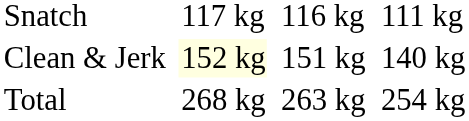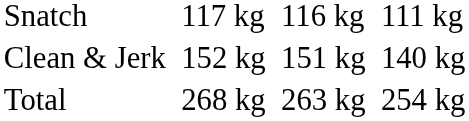 <table>
 <tr>
 <td>Snatch</td>
 <td></td>
 <td>117 kg</td>
 <td></td>
 <td>116 kg</td>
 <td></td>
 <td>111 kg</td>
 </tr>
 <tr>
 <td>Clean & Jerk</td>
 <td></td>
-<td style="background: lightyellow;">152 kg</td>
+<td>152 kg</td>
 <td></td>
 <td>151 kg</td>
 <td></td>
 <td>140 kg</td>
 </tr>
 <tr>
 <td>Total</td>
 <td></td>
 <td>268 kg</td>
 <td></td>
 <td>263 kg</td>
 <td></td>
 <td>254 kg</td>
 </tr>
 </table>
